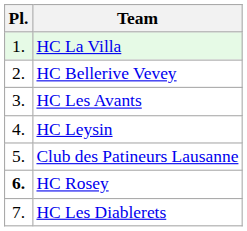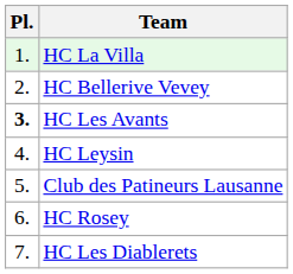 <table class="wikitable">
 <tr>
 <th>Pl.</th>
 <th>Team</th>
 </tr>
 <tr align="center " bgcolor="#e6fae6">
 <td>1.</td>
 <td align="left"><a href='#'>HC La Villa</a></td>
 </tr>
 <tr align="center "  bgcolor="#FFFFFF">
 <td>2.</td>
 <td align="left"><a href='#'>HC Bellerive Vevey</a></td>
 </tr>
 <tr align="center " bgcolor="#FFFFFF">
-<td>3.</td>
+<td><strong>3.</strong></td>
 <td align="left"><a href='#'>HC Les Avants</a></td>
 </tr>
 <tr align="center " bgcolor="#FFFFFF">
 <td>4.</td>
 <td align="left"><a href='#'>HC Leysin</a></td>
 </tr>
 <tr align="center " bgcolor="#FFFFFF">
 <td>5.</td>
 <td align="left"><a href='#'>Club des Patineurs Lausanne</a></td>
 </tr>
 <tr align="center " bgcolor="#FFFFFF">
-<td><strong>6.</strong></td>
+<td>6.</td>
 <td align="left"><a href='#'>HC Rosey</a></td>
 </tr>
 <tr align="center " bgcolor="#FFFFFF">
 <td>7.</td>
 <td align="left"><a href='#'>HC Les Diablerets</a></td>
 </tr>
 </table>
